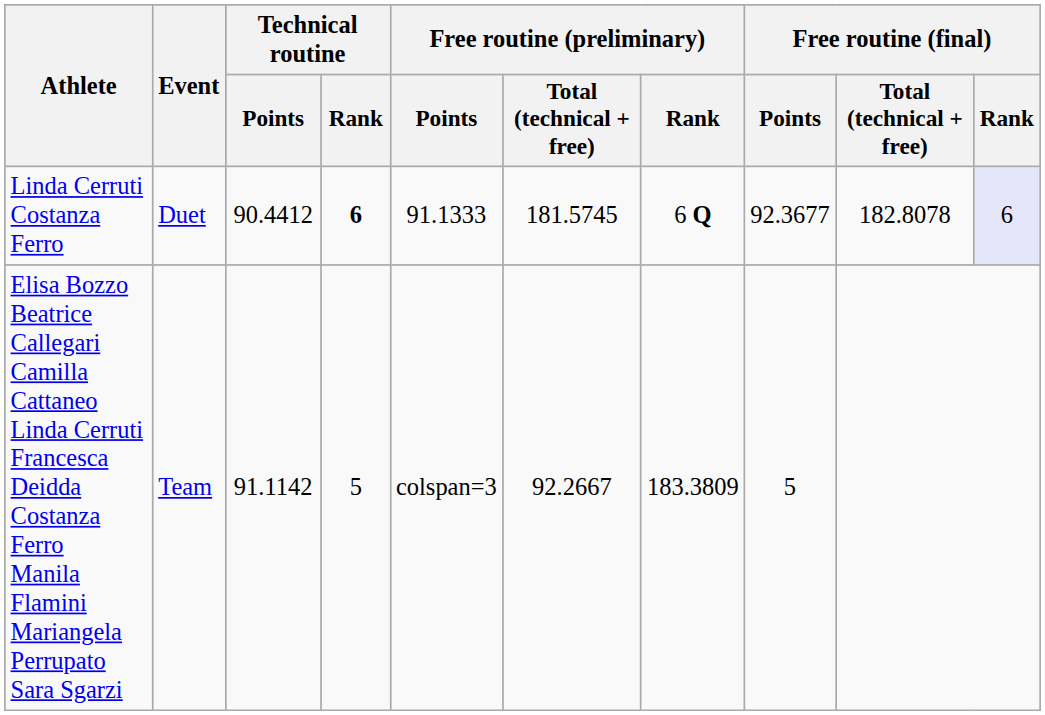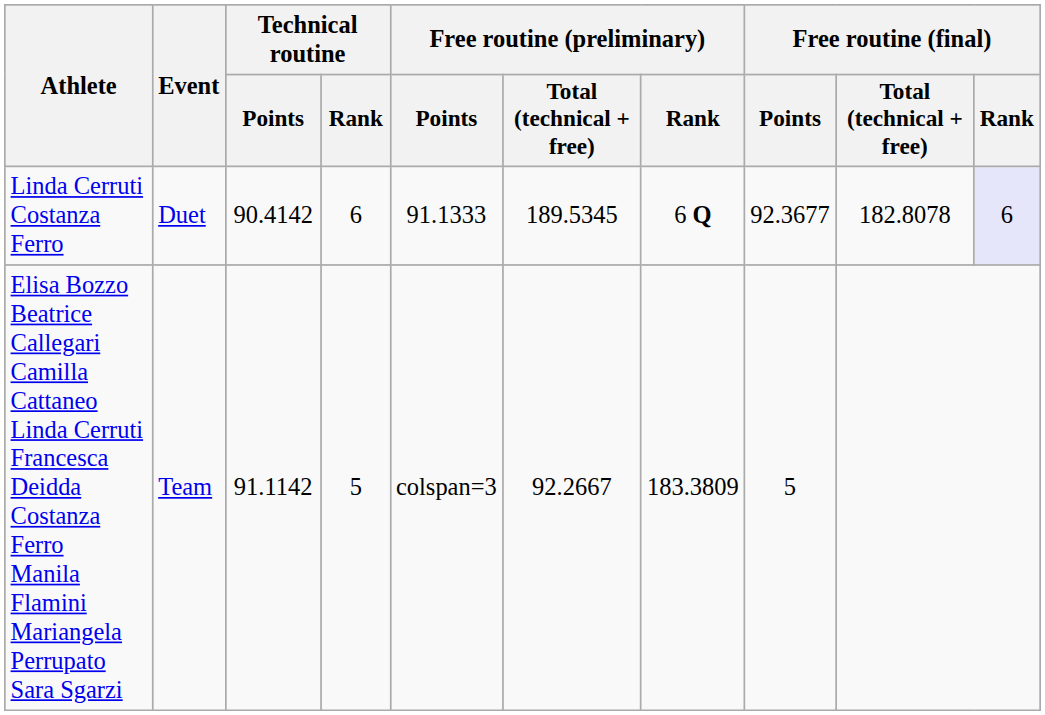 <table class="wikitable" style="font-size:90%">
 <tr>
 <th rowspan="2">Athlete</th>
 <th rowspan="2">Event</th>
 <th colspan=2>Technical routine</th>
 <th colspan=3>Free routine (preliminary)</th>
 <th colspan=3>Free routine (final)</th>
 </tr>
 <tr style="font-size:95%">
 <th>Points</th>
 <th>Rank</th>
 <th>Points</th>
 <th>Total (technical + free)</th>
 <th>Rank</th>
 <th>Points</th>
 <th>Total (technical + free)</th>
 <th>Rank</th>
 </tr>
 <tr align=center>
 <td align=left><a href='#'>Linda Cerruti</a><br><a href='#'>Costanza Ferro</a></td>
 <td align=left><a href='#'>Duet</a></td>
-<td>90.4412</td>
-<td><strong>6</strong></td>
+<td>90.4142</td>
+<td>6</td>
 <td>91.1333</td>
-<td>181.5745</td>
+<td>189.5345</td>
 <td>6 <strong>Q</strong></td>
 <td>92.3677</td>
 <td>182.8078</td>
 <td style="background: lavender;">6</td>
 </tr>
 <tr align=center>
 <td align=left><a href='#'>Elisa Bozzo</a><br><a href='#'>Beatrice Callegari</a><br><a href='#'>Camilla Cattaneo</a><br><a href='#'>Linda Cerruti</a><br><a href='#'>Francesca Deidda</a><br><a href='#'>Costanza Ferro</a><br><a href='#'>Manila Flamini</a><br><a href='#'>Mariangela Perrupato</a><br><a href='#'>Sara Sgarzi</a></td>
 <td align=left><a href='#'>Team</a></td>
 <td>91.1142</td>
 <td>5</td>
 <td>colspan=3 </td>
 <td>92.2667</td>
 <td>183.3809</td>
 <td>5</td>
 </tr>
 </table>
